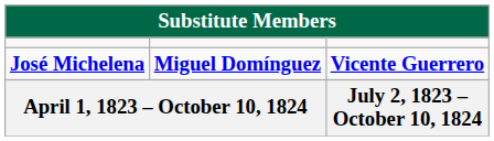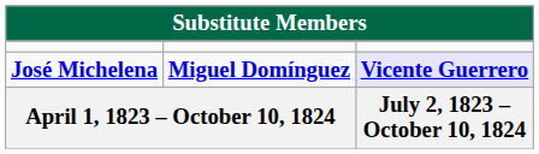 <table class="wikitable floatright" style="text-align: center; border: none;">
 <tr>
 <th style="background:#006847; color:white;" colspan="3">Substitute Members</th>
 </tr>
 <tr>
 <td></td>
 <td></td>
 <td></td>
 </tr>
 <tr>
 <td><strong><a href='#'>José Michelena</a></strong></td>
 <td><strong><a href='#'>Miguel Domínguez</a></strong></td>
-<td><strong><a href='#'>Vicente Guerrero</a></strong></td>
+<td style="background: lavender;"><strong><a href='#'>Vicente Guerrero</a></strong></td>
 </tr>
 <tr>
 <th colspan="2">April 1, 1823 – October 10, 1824</th>
 <th><strong>July 2, 1823 – <br> October 10, 1824</strong></th>
 </tr>
 <tr>
 </tr>
 </table>
